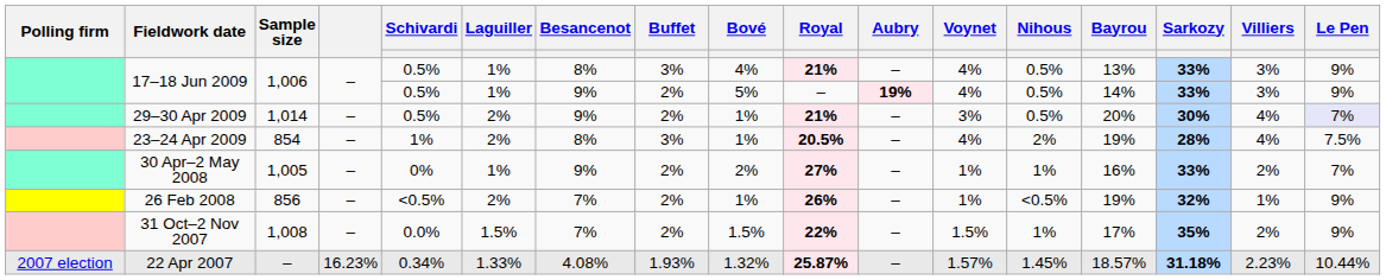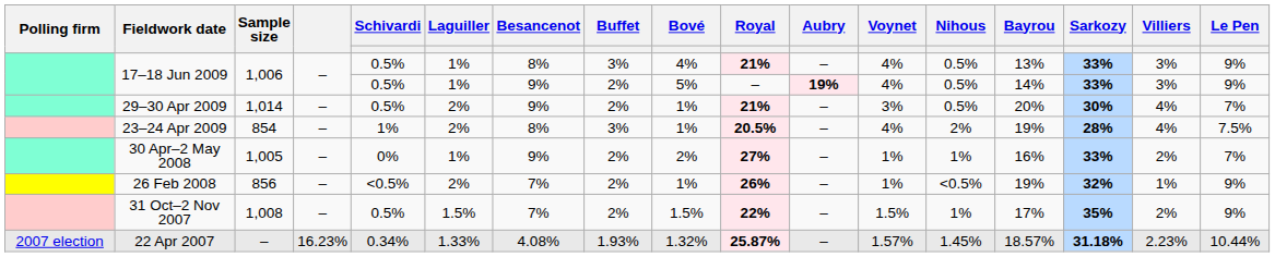 <table class="wikitable sortable" style="text-align:center;font-size:90%;line-height:14px;">
 <tr style="height:40px;">
 <th style="width:100px;" rowspan="2">Polling firm</th>
 <th style="width:110px;" rowspan="2">Fieldwork date</th>
 <th style="width:35px;" rowspan="2">Sample<br>size</th>
 <th style="width:30px;" rowspan="2"></th>
 <th class="unsortable" style="width:60px;"><a href='#'>Schivardi</a><br></th>
 <th class="unsortable" style="width:60px;"><a href='#'>Laguiller</a><br></th>
 <th class="unsortable" style="width:60px;"><a href='#'>Besancenot</a><br></th>
 <th class="unsortable" style="width:60px;"><a href='#'>Buffet</a><br></th>
 <th class="unsortable" style="width:60px;"><a href='#'>Bové</a><br></th>
 <th class="unsortable" style="width:60px;"><a href='#'>Royal</a><br></th>
 <th class="unsortable" style="width:60px;"><a href='#'>Aubry</a><br></th>
 <th class="unsortable" style="width:60px;"><a href='#'>Voynet</a><br></th>
 <th class="unsortable" style="width:60px;"><a href='#'>Nihous</a><br></th>
 <th class="unsortable" style="width:60px;"><a href='#'>Bayrou</a><br></th>
 <th class="unsortable" style="width:60px;"><a href='#'>Sarkozy</a><br></th>
 <th class="unsortable" style="width:60px;"><a href='#'>Villiers</a><br></th>
 <th class="unsortable" style="width:60px;"><a href='#'>Le Pen</a><br></th>
 </tr>
 <tr>
 <th style="background:"></th>
 <th style="background:"></th>
 <th style="background:"></th>
 <th style="background:"></th>
 <th style="background:"></th>
 <th style="background:"></th>
 <th style="background:"></th>
 <th style="background:"></th>
 <th style="background:"></th>
 <th style="background:"></th>
 <th style="background:"></th>
 <th style="background:"></th>
 <th style="background:"></th>
 </tr>
 <tr>
 <td rowspan="2" style="background:aquamarine;"></td>
 <td rowspan="2" data-sort-value="2009-06-18">17–18 Jun 2009</td>
 <td rowspan="2">1,006</td>
 <td rowspan="2">–</td>
 <td>0.5%</td>
 <td>1%</td>
 <td>8%</td>
 <td>3%</td>
 <td>4%</td>
 <td style="background:#FFE6EC;"><strong>21%</strong></td>
 <td>–</td>
 <td>4%</td>
 <td>0.5%</td>
 <td>13%</td>
 <td style="background:#B9DAFF;"><strong>33%</strong></td>
 <td>3%</td>
 <td>9%</td>
 </tr>
 <tr>
 <td>0.5%</td>
 <td>1%</td>
 <td>9%</td>
 <td>2%</td>
 <td>5%</td>
 <td>–</td>
 <td style="background:#FFE6EC;"><strong>19%</strong></td>
 <td>4%</td>
 <td>0.5%</td>
 <td>14%</td>
 <td style="background:#B9DAFF;"><strong>33%</strong></td>
 <td>3%</td>
 <td>9%</td>
 </tr>
 <tr>
 <td style="background:aquamarine;"></td>
 <td data-sort-value="2009-04-30">29–30 Apr 2009</td>
 <td>1,014</td>
 <td>–</td>
 <td>0.5%</td>
 <td>2%</td>
 <td>9%</td>
 <td>2%</td>
 <td>1%</td>
 <td style="background:#FFE6EC;"><strong>21%</strong></td>
 <td>–</td>
 <td>3%</td>
 <td>0.5%</td>
 <td>20%</td>
 <td style="background:#B9DAFF;"><strong>30%</strong></td>
 <td>4%</td>
-<td style="background: lavender;">7%</td>
+<td>7%</td>
 </tr>
 <tr>
 <td style="background:#FFCCCC;"></td>
 <td data-sort-value="2009-04-24">23–24 Apr 2009</td>
 <td>854</td>
 <td>–</td>
 <td>1%</td>
 <td>2%</td>
 <td>8%</td>
 <td>3%</td>
 <td>1%</td>
 <td style="background:#FFE6EC;"><strong>20.5%</strong></td>
 <td>–</td>
 <td>4%</td>
 <td>2%</td>
 <td>19%</td>
 <td style="background:#B9DAFF;"><strong>28%</strong></td>
 <td>4%</td>
 <td>7.5%</td>
 </tr>
 <tr>
 <td style="background:aquamarine;"></td>
 <td data-sort-value="2008-05-02">30 Apr–2 May 2008</td>
 <td>1,005</td>
 <td>–</td>
 <td>0%</td>
 <td>1%</td>
 <td>9%</td>
 <td>2%</td>
 <td>2%</td>
 <td style="background:#FFE6EC;"><strong>27%</strong></td>
 <td>–</td>
 <td>1%</td>
 <td>1%</td>
 <td>16%</td>
 <td style="background:#B9DAFF;"><strong>33%</strong></td>
 <td>2%</td>
 <td>7%</td>
 </tr>
 <tr>
 <td style="background:yellow;"></td>
 <td data-sort-value="2008-02-26">26 Feb 2008</td>
 <td>856</td>
 <td>–</td>
 <td data-sort-value="0%"><0.5%</td>
 <td>2%</td>
 <td>7%</td>
 <td>2%</td>
 <td>1%</td>
 <td style="background:#FFE6EC;"><strong>26%</strong></td>
 <td>–</td>
 <td>1%</td>
 <td data-sort-value="0%"><0.5%</td>
 <td>19%</td>
 <td style="background:#B9DAFF;"><strong>32%</strong></td>
 <td>1%</td>
 <td>9%</td>
 </tr>
 <tr>
 <td style="background:#FFCCCC;"></td>
 <td data-sort-value="2007-11-02">31 Oct–2 Nov 2007</td>
 <td>1,008</td>
 <td>–</td>
-<td>0.0%</td>
+<td>0.5%</td>
 <td>1.5%</td>
 <td>7%</td>
 <td>2%</td>
 <td>1.5%</td>
 <td style="background:#FFE6EC;"><strong>22%</strong></td>
 <td>–</td>
 <td>1.5%</td>
 <td>1%</td>
 <td>17%</td>
 <td style="background:#B9DAFF;"><strong>35%</strong></td>
 <td>2%</td>
 <td>9%</td>
 </tr>
 <tr style="background:#E9E9E9;">
 <td><a href='#'>2007 election</a></td>
 <td data-sort-value="2007-04-22">22 Apr 2007</td>
 <td>–</td>
 <td>16.23%</td>
 <td>0.34%</td>
 <td>1.33%</td>
 <td>4.08%</td>
 <td>1.93%</td>
 <td>1.32%</td>
 <td style="background:#FFE6EC;"><strong>25.87%</strong></td>
 <td>–</td>
 <td>1.57%</td>
 <td>1.45%</td>
 <td>18.57%</td>
 <td style="background:#B9DAFF;"><strong>31.18%</strong></td>
 <td>2.23%</td>
 <td>10.44%</td>
 </tr>
 </table>
